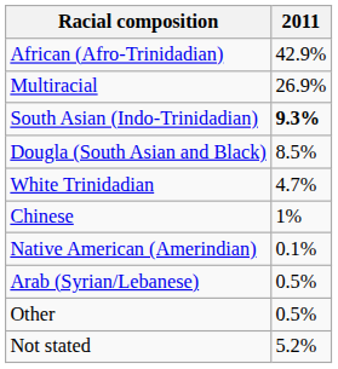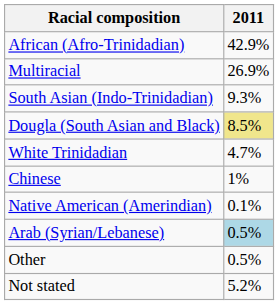 <table class="wikitable sortable collapsible" style="font-size: 90%;">
 <tr>
 <th>Racial composition</th>
 <th>2011</th>
 </tr>
 <tr>
 <td><a href='#'>African (Afro-Trinidadian)</a></td>
 <td>42.9%</td>
 </tr>
 <tr>
 <td><a href='#'>Multiracial</a></td>
 <td>26.9%</td>
 </tr>
 <tr>
 <td><a href='#'>South Asian (Indo-Trinidadian)</a></td>
-<td><strong>9.3%</strong></td>
+<td>9.3%</td>
 </tr>
 <tr>
 <td><a href='#'>Dougla (South Asian and Black)</a></td>
-<td>8.5%</td>
+<td style="background: khaki;">8.5%</td>
 </tr>
 <tr>
 <td><a href='#'>White Trinidadian</a></td>
 <td>4.7%</td>
 </tr>
 <tr>
 <td><a href='#'>Chinese</a></td>
 <td>1%</td>
 </tr>
 <tr>
 <td><a href='#'>Native American (Amerindian)</a></td>
 <td>0.1%</td>
 </tr>
 <tr>
 <td><a href='#'>Arab (Syrian/Lebanese)</a></td>
-<td>0.5%</td>
+<td style="background: lightblue;">0.5%</td>
 </tr>
 <tr>
 <td>Other</td>
 <td>0.5%</td>
 </tr>
 <tr>
 <td>Not stated</td>
 <td>5.2%</td>
 </tr>
 </table>
